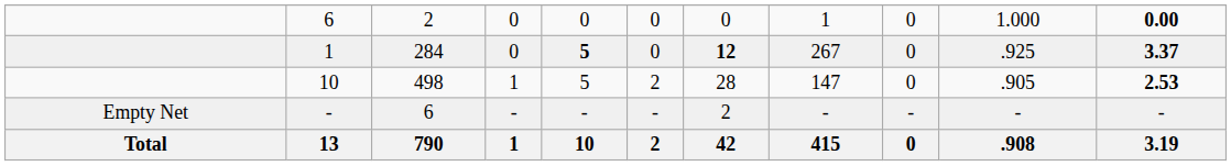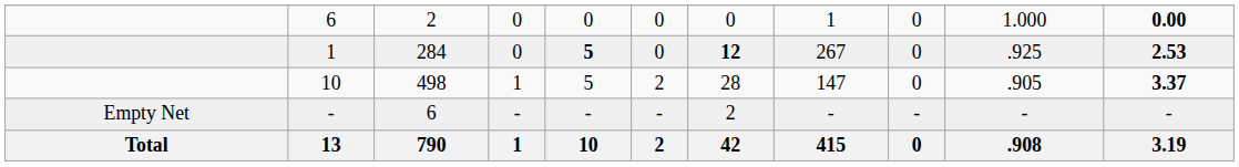 <table class="wikitable sortable" width ="1000">
 <tr align="center">
 </tr>
 <tr align="center" bgcolor="">
 <td></td>
 <td>6</td>
 <td>2</td>
 <td>0</td>
 <td>0</td>
 <td>0</td>
 <td>0</td>
 <td>1</td>
 <td>0</td>
 <td>1.000</td>
 <td><strong>0.00</strong></td>
 </tr>
 <tr align="center" bgcolor="f0f0f0">
 <td></td>
 <td>1</td>
 <td>284</td>
 <td>0</td>
 <td><strong>5</strong></td>
 <td>0</td>
 <td><strong>12</strong></td>
 <td>267</td>
 <td>0</td>
 <td>.925</td>
-<td><strong>3.37</strong></td>
+<td><strong>2.53</strong></td>
 </tr>
 <tr align="center" bgcolor="">
 <td></td>
 <td>10</td>
 <td>498</td>
 <td>1</td>
 <td>5</td>
 <td>2</td>
 <td>28</td>
 <td>147</td>
 <td>0</td>
 <td>.905</td>
-<td><strong>2.53</strong></td>
+<td><strong>3.37</strong></td>
 </tr>
 <tr align="center" bgcolor="f0f0f0">
 <td>Empty Net</td>
 <td>-</td>
 <td>6</td>
 <td>-</td>
 <td>-</td>
 <td>-</td>
 <td>2</td>
 <td>-</td>
 <td>-</td>
 <td>-</td>
 <td>-</td>
 </tr>
 <tr>
 <th>Total</th>
 <th>13</th>
 <th>790</th>
 <th>1</th>
 <th>10</th>
 <th>2</th>
 <th>42</th>
 <th>415</th>
 <th>0</th>
 <th>.908</th>
 <th>3.19</th>
 </tr>
 </table>
